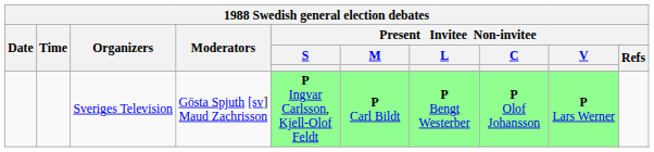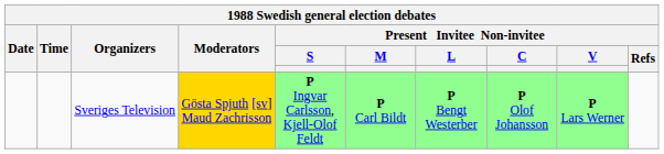 <table class="wikitable" style="font-size:85%; line-height:15px; text-align:center;">
 <tr>
 <th colspan="10">1988 Swedish general election debates</th>
 </tr>
 <tr>
 <th rowspan="3">Date</th>
 <th rowspan="3">Time</th>
 <th rowspan="3">Organizers</th>
 <th rowspan="3">Moderators</th>
 <th colspan="6"> Present    Invitee  Non-invitee </th>
 </tr>
 <tr>
 <th scope="col" style="width:5em;"><a href='#'>S</a></th>
 <th scope="col" style="width:5em;"><a href='#'>M</a></th>
 <th scope="col" style="width:5em;"><a href='#'>L</a></th>
 <th scope="col" style="width:5em;"><a href='#'>C</a></th>
 <th scope="col" style="width:5em;"><a href='#'>V</a></th>
 <th rowspan="2">Refs</th>
 </tr>
 <tr>
 <th style="background:"></th>
 <th style="background:"></th>
 <th style="background:"></th>
 <th style="background:"></th>
 <th style="background:"></th>
 </tr>
 <tr>
 <td></td>
 <td></td>
 <td><a href='#'>Sveriges Television</a></td>
-<td><a href='#'>Gösta Spjuth</a> <a href='#'>[sv</a>]<br><a href='#'>Maud Zachrisson</a></td>
+<td style="background: gold;"><a href='#'>Gösta Spjuth</a> <a href='#'>[sv</a>]<br><a href='#'>Maud Zachrisson</a></td>
 <td style="background:#90FF90"><strong>P</strong><br><a href='#'>Ingvar Carlsson</a>, <a href='#'>Kjell-Olof Feldt</a></td>
 <td style="background:#90FF90"><strong>P</strong><br><a href='#'>Carl Bildt</a></td>
 <td style="background:#90FF90"><strong>P</strong><br><a href='#'>Bengt Westerber</a></td>
 <td style="background:#90FF90"><strong>P</strong><br><a href='#'>Olof Johansson</a></td>
 <td style="background:#90FF90"><strong>P</strong><br><a href='#'>Lars Werner</a></td>
 <td></td>
 </tr>
 </table>
